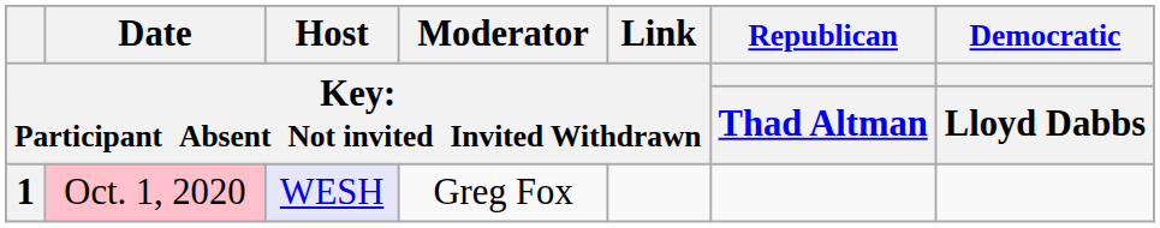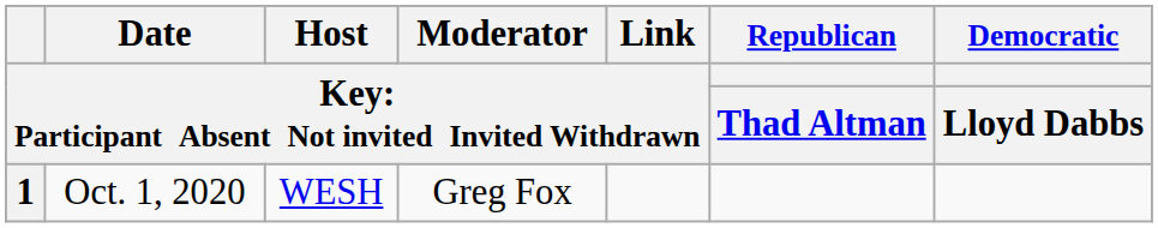 <table class="wikitable" style="text-align:center;">
 <tr>
 <th scope="col"></th>
 <th scope="col">Date</th>
 <th scope="col">Host</th>
 <th scope="col">Moderator</th>
 <th scope="col">Link</th>
 <th scope="col"><small><a href='#'>Republican</a></small></th>
 <th scope="col"><small><a href='#'>Democratic</a></small></th>
 </tr>
 <tr>
 <th colspan="5" rowspan="2">Key:<br> <small>Participant </small>  <small>Absent </small>  <small>Not invited </small>  <small>Invited  Withdrawn</small></th>
 <th scope="col" style="background:"></th>
 <th scope="col" style="background:"></th>
 </tr>
 <tr>
 <th scope="col"><a href='#'>Thad Altman</a></th>
 <th scope="col">Lloyd Dabbs</th>
 </tr>
 <tr>
 <th>1</th>
-<td style="background: pink; white-space:nowrap;">Oct. 1, 2020</td>
-<td style="background: lavender; white-space:nowrap;"><a href='#'>WESH</a></td>
+<td style="white-space:nowrap;">Oct. 1, 2020</td>
+<td style="white-space:nowrap;"><a href='#'>WESH</a></td>
 <td style="white-space:nowrap;">Greg Fox</td>
 <td style="white-space:nowrap;"></td>
 <td></td>
 <td></td>
 </tr>
 </table>
